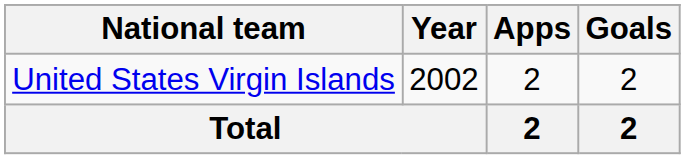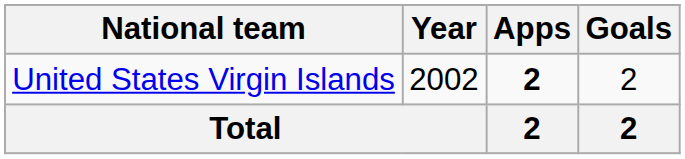 <table class=wikitable style="text-align: center">
 <tr>
 <th>National team</th>
 <th>Year</th>
 <th>Apps</th>
 <th>Goals</th>
 </tr>
 <tr>
 <td><a href='#'>United States Virgin Islands</a></td>
 <td>2002</td>
-<td>2</td>
+<td><strong>2</strong></td>
 <td>2</td>
 </tr>
 <tr>
 <th colspan="2">Total</th>
 <th>2</th>
 <th>2</th>
 </tr>
 </table>
